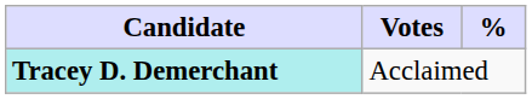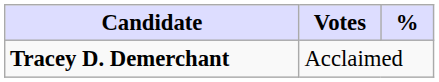 <table class="wikitable">
 <tr>
 <th style="background:#ddf; width:200px;">Candidate</th>
 <th style="background:#ddf; width:50px;">Votes</th>
 <th style="background:#ddf; width:30px;">%</th>
 </tr>
 <tr>
-<td style="background: paleturquoise;"><strong>Tracey D. Demerchant</strong></td>
+<td><strong>Tracey D. Demerchant</strong></td>
 <td colspan="2">Acclaimed</td>
 </tr>
 </table>
